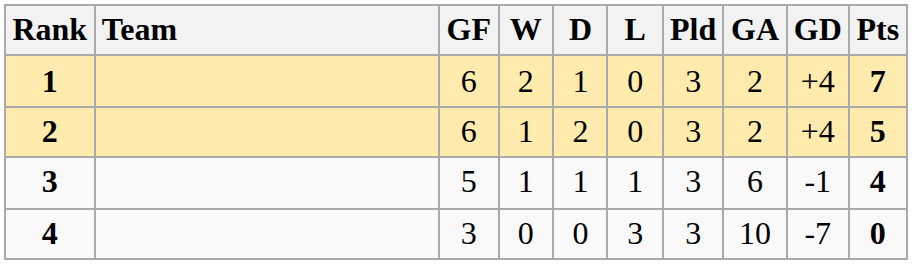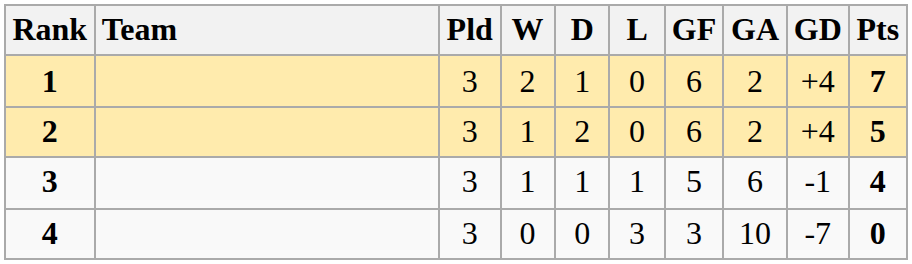 <table class="wikitable" style="text-align: center;">
 <tr>
 <th width=30>Rank</th>
 <th width=165 style="text-align:left;">Team</th>
-<th width=20>GF</th>
+<th width=20>Pld</th>
 <th width=20>W</th>
 <th width=20>D</th>
 <th width=20>L</th>
-<th width=20>Pld</th>
+<th width=20>GF</th>
 <th width=20>GA</th>
 <th width=20>GD</th>
 <th width=20>Pts</th>
 </tr>
 <tr style="background:#ffebad;">
 <td><strong>1</strong></td>
 <td style="text-align:left;"></td>
-<td>6</td>
+<td>3</td>
 <td>2</td>
 <td>1</td>
 <td>0</td>
-<td>3</td>
+<td>6</td>
 <td>2</td>
 <td>+4</td>
 <td><strong>7</strong></td>
 </tr>
 <tr style="background:#ffebad;">
 <td><strong>2</strong></td>
 <td style="text-align:left;"></td>
-<td>6</td>
+<td>3</td>
 <td>1</td>
 <td>2</td>
 <td>0</td>
-<td>3</td>
+<td>6</td>
 <td>2</td>
 <td>+4</td>
 <td><strong>5</strong></td>
 </tr>
 <tr>
 <td><strong>3</strong></td>
 <td style="text-align:left;"></td>
-<td>5</td>
+<td>3</td>
 <td>1</td>
 <td>1</td>
 <td>1</td>
-<td>3</td>
+<td>5</td>
 <td>6</td>
 <td>-1</td>
 <td><strong>4</strong></td>
 </tr>
 <tr>
 <td><strong>4</strong></td>
 <td style="text-align:left;"></td>
 <td>3</td>
 <td>0</td>
 <td>0</td>
 <td>3</td>
 <td>3</td>
 <td>10</td>
 <td>-7</td>
 <td><strong>0</strong></td>
 </tr>
 </table>
